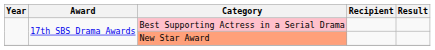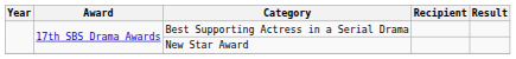 <table class="wikitable">
 <tr>
 <th>Year</th>
 <th>Award</th>
 <th>Category</th>
 <th>Recipient</th>
 <th>Result</th>
 </tr>
 <tr>
 <td rowspan="2"></td>
 <td rowspan="2"><a href='#'>17th SBS Drama Awards</a></td>
-<td style="background: pink;">Best Supporting Actress in a Serial Drama</td>
+<td>Best Supporting Actress in a Serial Drama</td>
 <td></td>
 <td></td>
 </tr>
 <tr>
-<td style="background: lightsalmon;">New Star Award</td>
+<td>New Star Award</td>
 <td></td>
 <td></td>
 </tr>
 <tr>
 </tr>
 </table>
